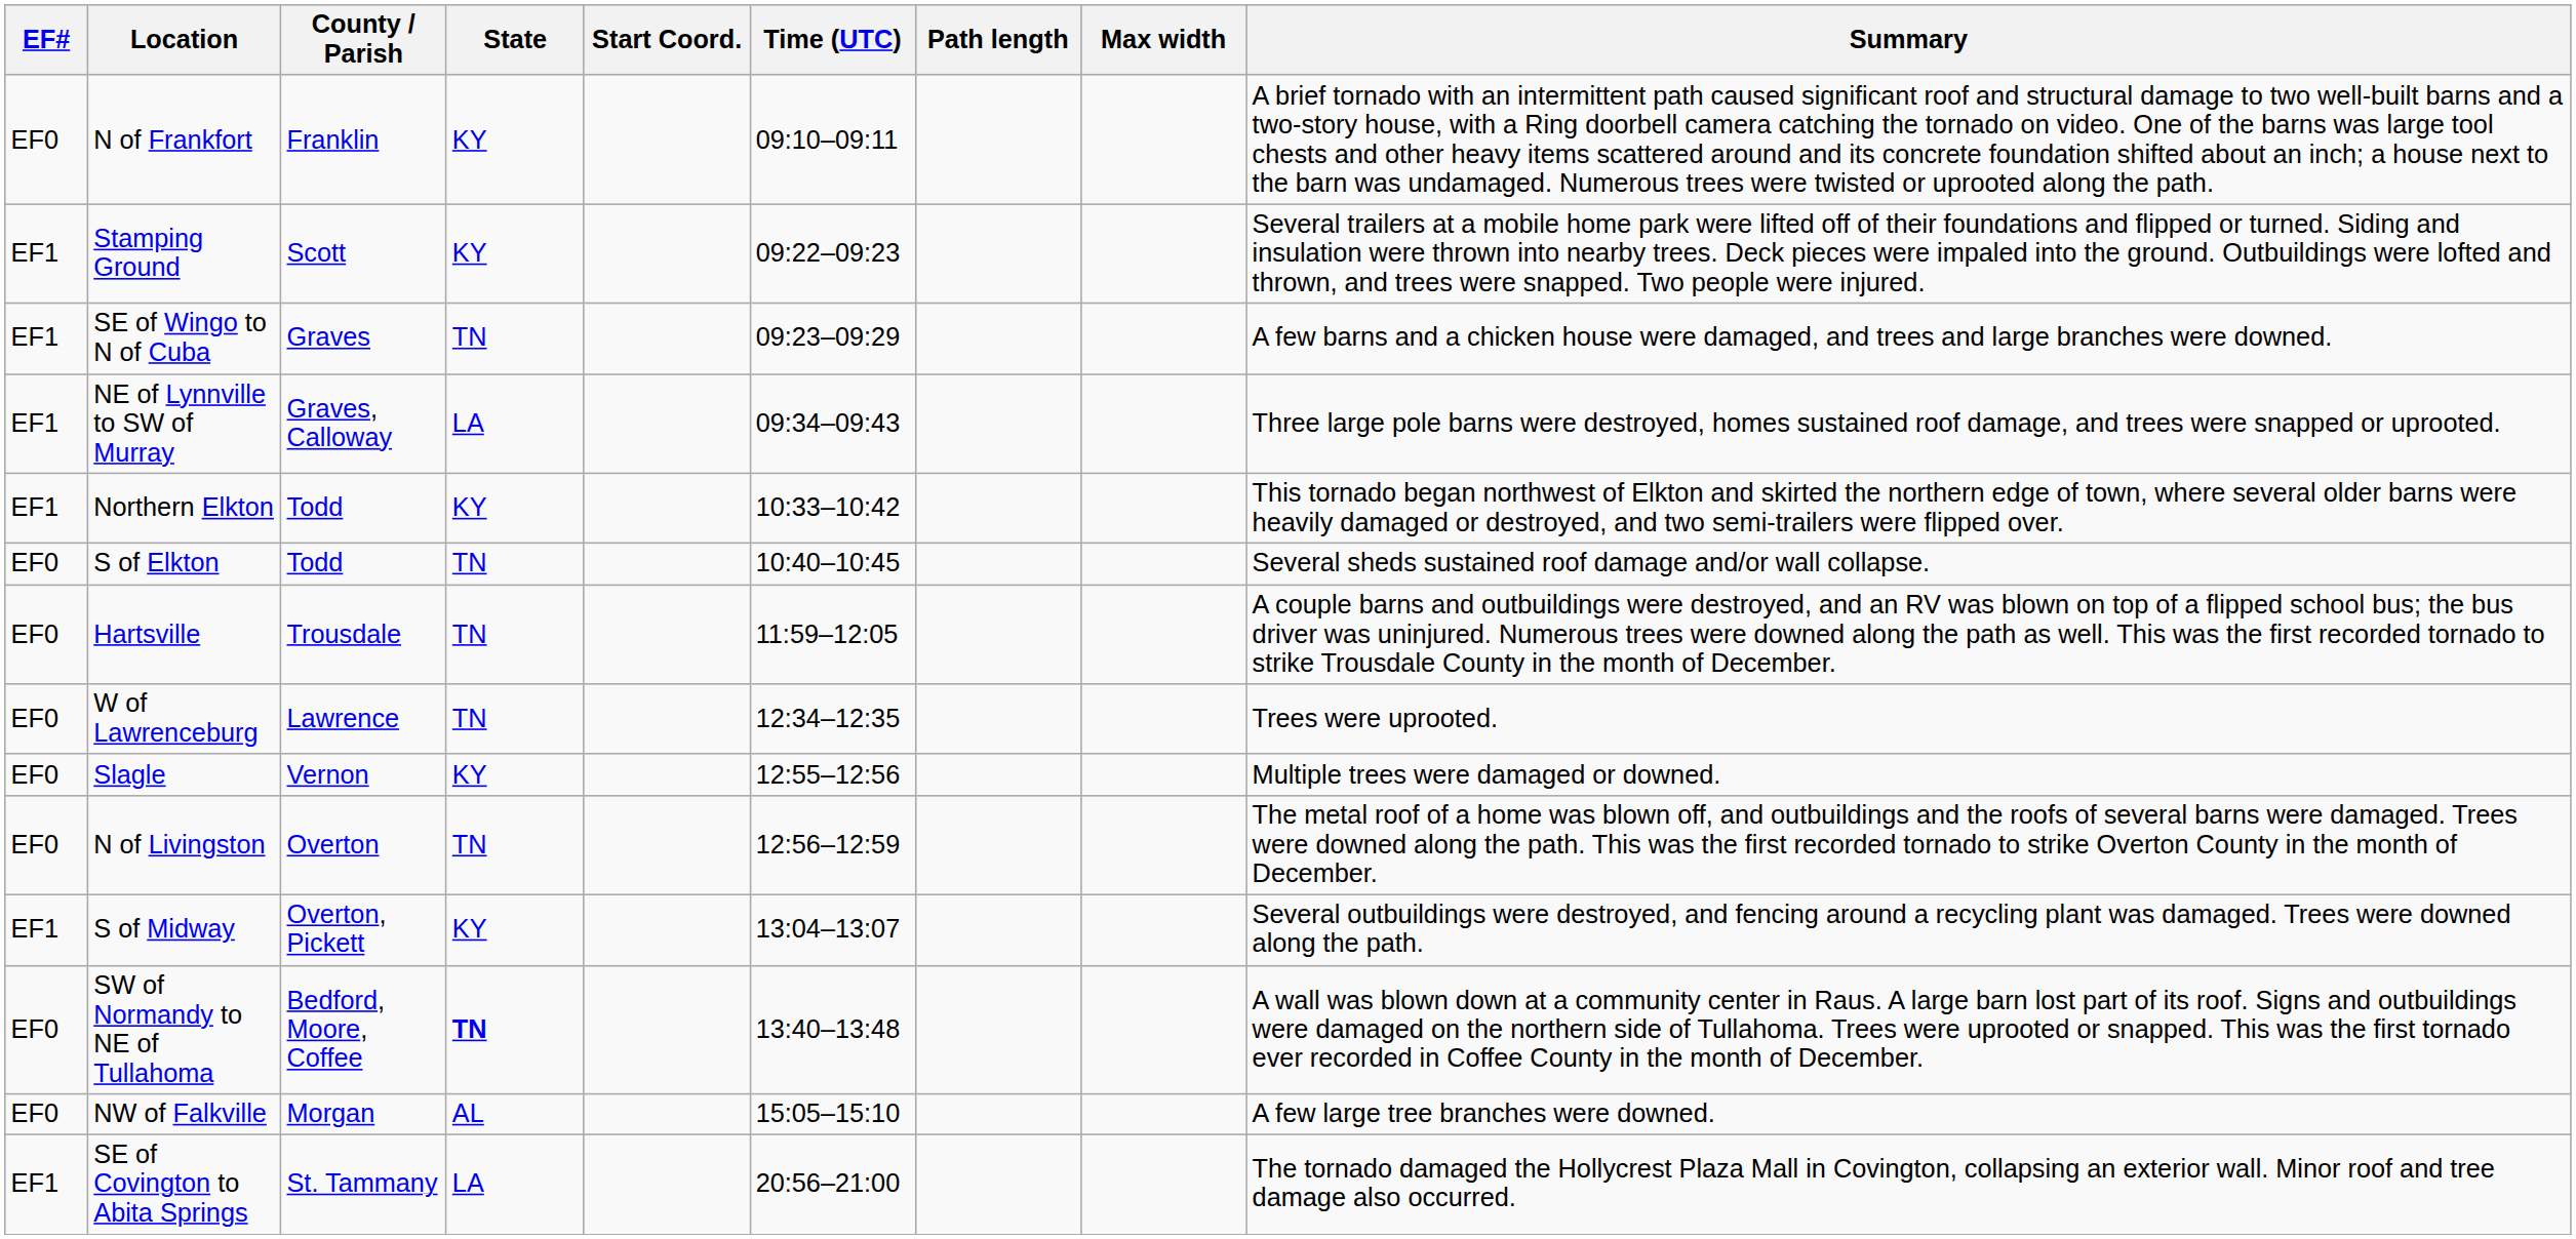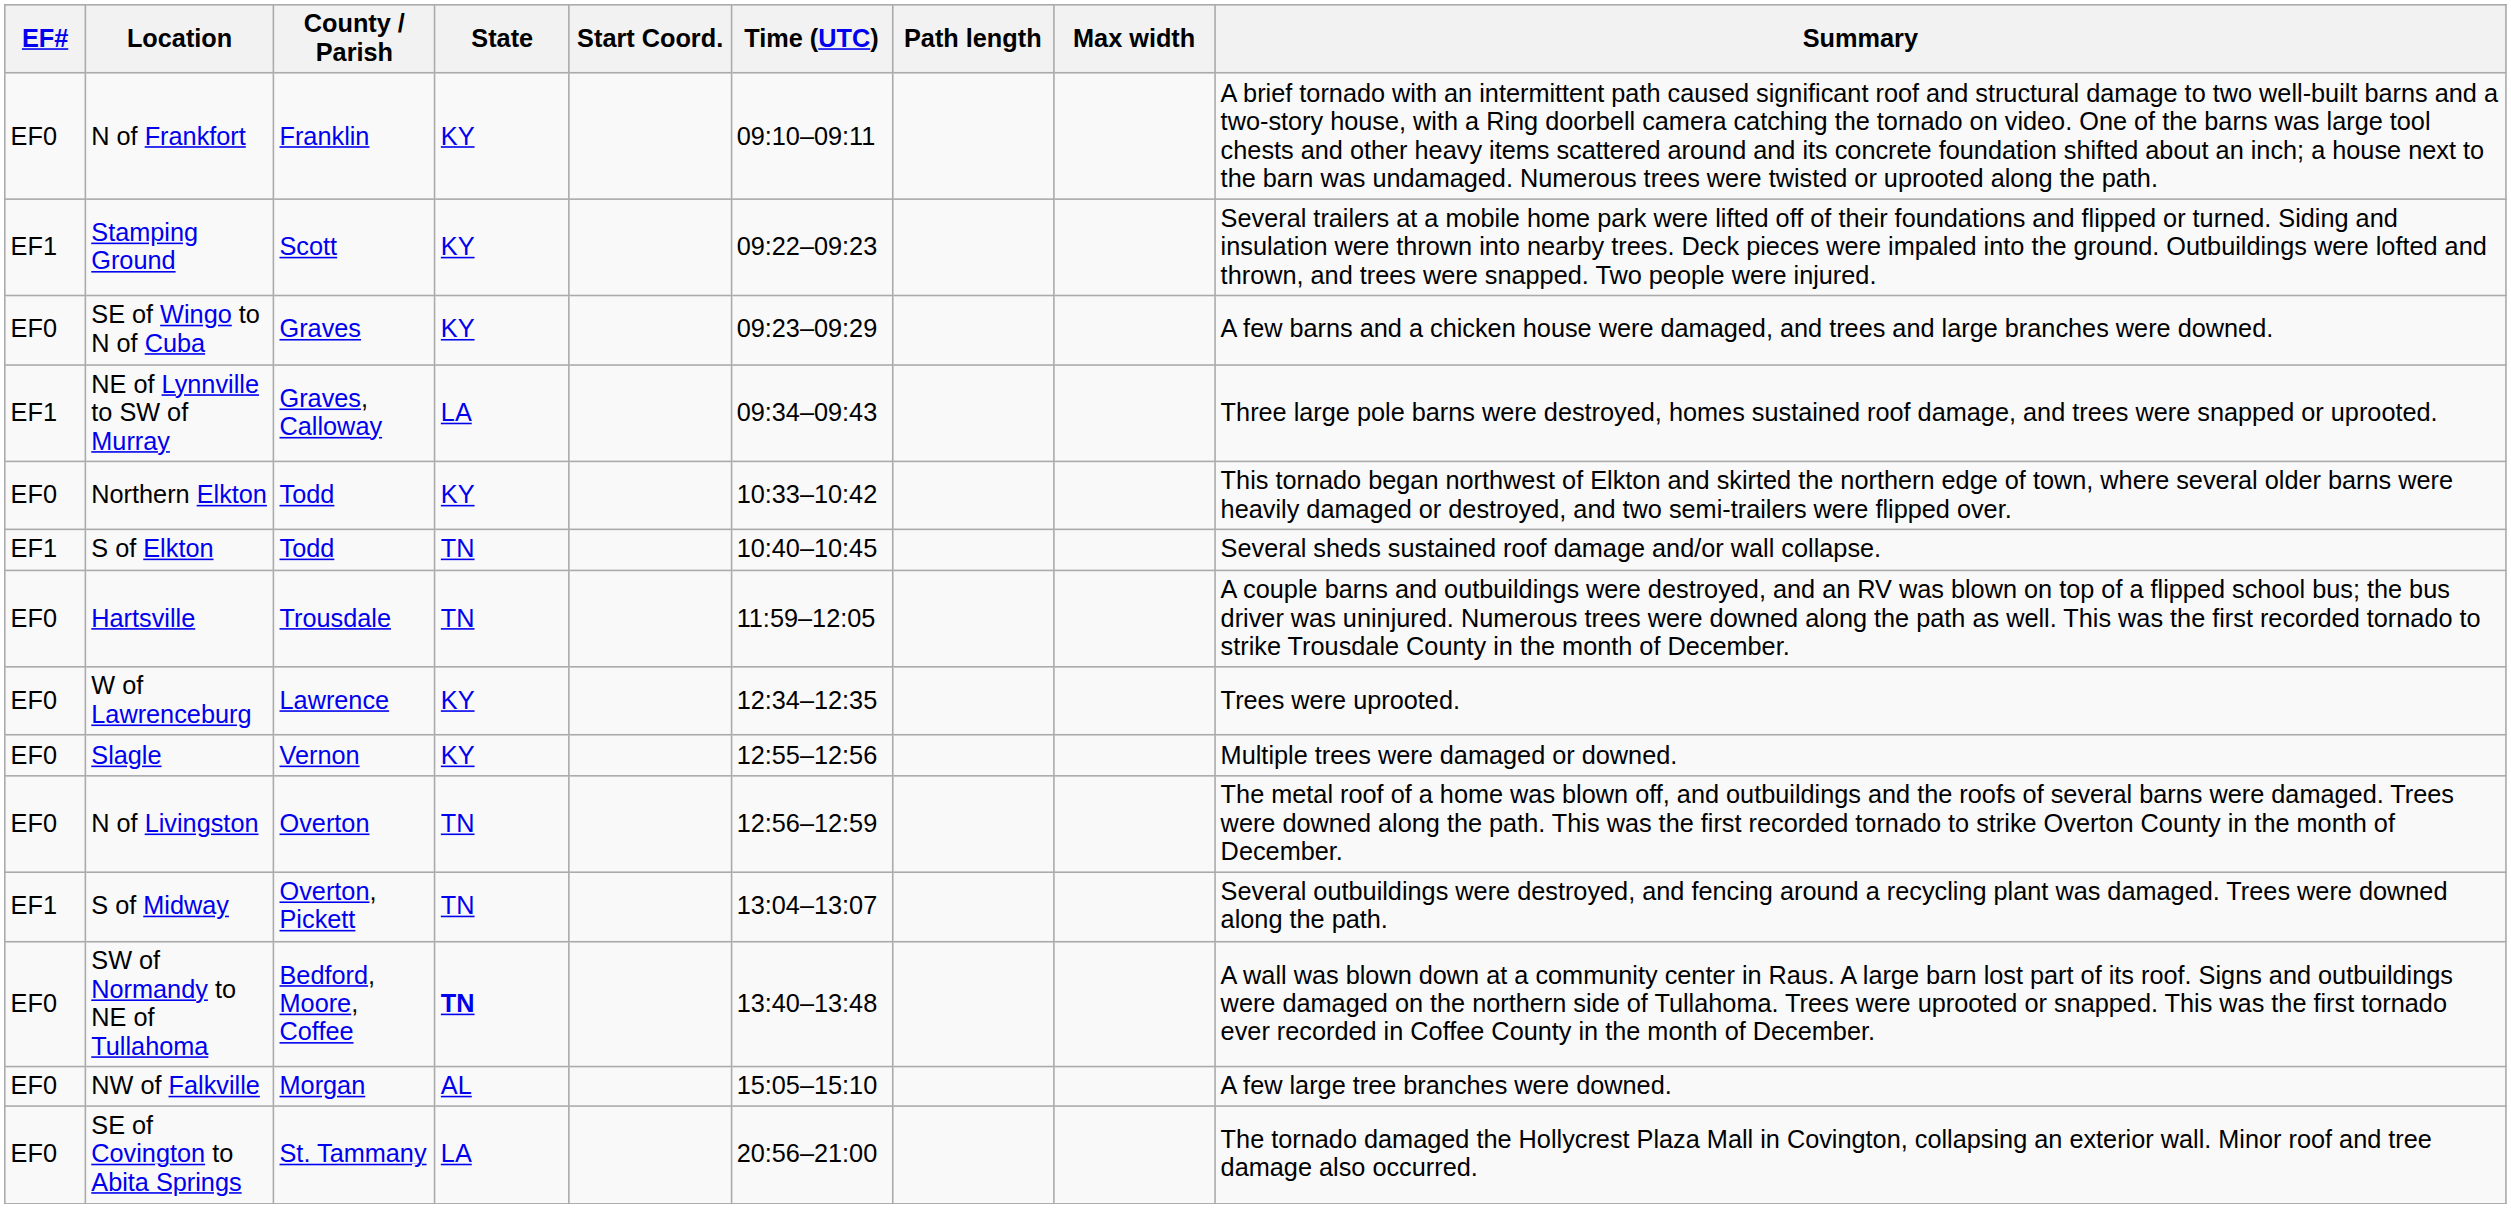 <table class="wikitable sortable" style="width:100%;">
 <tr>
 <th scope="col"  style="width:3%; text-align:center;"><a href='#'>EF#</a></th>
 <th scope="col"  style="width:7%; text-align:center;" class="unsortable">Location</th>
 <th scope="col"  style="width:6%; text-align:center;" class="unsortable">County / Parish</th>
 <th scope="col"  style="width:5%; text-align:center;">State</th>
 <th scope="col"  style="width:6%; text-align:center;">Start Coord.</th>
 <th scope="col"  style="width:6%; text-align:center;">Time (<a href='#'>UTC</a>)</th>
 <th scope="col"  style="width:6%; text-align:center;">Path length</th>
 <th scope="col"  style="width:6%; text-align:center;">Max width</th>
 <th scope="col" class="unsortable" style="width:48%; text-align:center;">Summary</th>
 </tr>
 <tr>
 <td>EF0</td>
 <td>N of <a href='#'>Frankfort</a></td>
 <td><a href='#'>Franklin</a></td>
 <td><a href='#'>KY</a></td>
 <td></td>
 <td>09:10–09:11</td>
 <td></td>
 <td></td>
 <td>A brief tornado with an intermittent path caused significant roof and structural damage to two well-built barns and a two-story house, with a Ring doorbell camera catching the tornado on video. One of the barns was large tool chests and other heavy items scattered around and its concrete foundation shifted about an inch; a house next to the barn was undamaged. Numerous trees were twisted or uprooted along the path.</td>
 </tr>
 <tr>
 <td>EF1</td>
 <td><a href='#'>Stamping Ground</a></td>
 <td><a href='#'>Scott</a></td>
 <td><a href='#'>KY</a></td>
 <td></td>
 <td>09:22–09:23</td>
 <td></td>
 <td></td>
 <td>Several trailers at a mobile home park were lifted off of their foundations and flipped or turned. Siding and insulation were thrown into nearby trees. Deck pieces were impaled into the ground. Outbuildings were lofted and thrown, and trees were snapped. Two people were injured.</td>
 </tr>
 <tr>
-<td>EF1</td>
+<td>EF0</td>
 <td>SE of <a href='#'>Wingo</a> to N of <a href='#'>Cuba</a></td>
 <td><a href='#'>Graves</a></td>
-<td><a href='#'>TN</a></td>
+<td><a href='#'>KY</a></td>
 <td></td>
 <td>09:23–09:29</td>
 <td></td>
 <td></td>
 <td>A few barns and a chicken house were damaged, and trees and large branches were downed.</td>
 </tr>
 <tr>
 <td>EF1</td>
 <td>NE of <a href='#'>Lynnville</a> to SW of <a href='#'>Murray</a></td>
 <td><a href='#'>Graves</a>, <a href='#'>Calloway</a></td>
 <td><a href='#'>LA</a></td>
 <td></td>
 <td>09:34–09:43</td>
 <td></td>
 <td></td>
 <td>Three large pole barns were destroyed, homes sustained roof damage, and trees were snapped or uprooted.</td>
 </tr>
 <tr>
-<td>EF1</td>
+<td>EF0</td>
 <td>Northern <a href='#'>Elkton</a></td>
 <td><a href='#'>Todd</a></td>
 <td><a href='#'>KY</a></td>
 <td></td>
 <td>10:33–10:42</td>
 <td></td>
 <td></td>
 <td>This tornado began northwest of Elkton and skirted the northern edge of town, where several older barns were heavily damaged or destroyed, and two semi-trailers were flipped over.</td>
 </tr>
 <tr>
-<td>EF0</td>
+<td>EF1</td>
 <td>S of <a href='#'>Elkton</a></td>
 <td><a href='#'>Todd</a></td>
 <td><a href='#'>TN</a></td>
 <td></td>
 <td>10:40–10:45</td>
 <td></td>
 <td></td>
 <td>Several sheds sustained roof damage and/or wall collapse.</td>
 </tr>
 <tr>
 <td>EF0</td>
 <td><a href='#'>Hartsville</a></td>
 <td><a href='#'>Trousdale</a></td>
 <td><a href='#'>TN</a></td>
 <td></td>
 <td>11:59–12:05</td>
 <td></td>
 <td></td>
 <td>A couple barns and outbuildings were destroyed, and an RV was blown on top of a flipped school bus; the bus driver was uninjured. Numerous trees were downed along the path as well. This was the first recorded tornado to strike Trousdale County in the month of December.</td>
 </tr>
 <tr>
 <td>EF0</td>
 <td>W of <a href='#'>Lawrenceburg</a></td>
 <td><a href='#'>Lawrence</a></td>
-<td><a href='#'>TN</a></td>
+<td><a href='#'>KY</a></td>
 <td></td>
 <td>12:34–12:35</td>
 <td></td>
 <td></td>
 <td>Trees were uprooted.</td>
 </tr>
 <tr>
 <td>EF0</td>
 <td><a href='#'>Slagle</a></td>
 <td><a href='#'>Vernon</a></td>
 <td><a href='#'>KY</a></td>
 <td></td>
 <td>12:55–12:56</td>
 <td></td>
 <td></td>
 <td>Multiple trees were damaged or downed.</td>
 </tr>
 <tr>
 <td>EF0</td>
 <td>N of <a href='#'>Livingston</a></td>
 <td><a href='#'>Overton</a></td>
 <td><a href='#'>TN</a></td>
 <td></td>
 <td>12:56–12:59</td>
 <td></td>
 <td></td>
 <td>The metal roof of a home was blown off, and outbuildings and the roofs of several barns were damaged. Trees were downed along the path. This was the first recorded tornado to strike Overton County in the month of December.</td>
 </tr>
 <tr>
 <td>EF1</td>
 <td>S of <a href='#'>Midway</a></td>
 <td><a href='#'>Overton</a>, <a href='#'>Pickett</a></td>
-<td><a href='#'>KY</a></td>
+<td><a href='#'>TN</a></td>
 <td></td>
 <td>13:04–13:07</td>
 <td></td>
 <td></td>
 <td>Several outbuildings were destroyed, and fencing around a recycling plant was damaged. Trees were downed along the path.</td>
 </tr>
 <tr>
 <td>EF0</td>
 <td>SW of <a href='#'>Normandy</a> to NE of <a href='#'>Tullahoma</a></td>
 <td><a href='#'>Bedford</a>, <a href='#'>Moore</a>, <a href='#'>Coffee</a></td>
 <td><strong><a href='#'>TN</a></strong></td>
 <td></td>
 <td>13:40–13:48</td>
 <td></td>
 <td></td>
 <td>A wall was blown down at a community center in Raus. A large barn lost part of its roof. Signs and outbuildings were damaged on the northern side of Tullahoma. Trees were uprooted or snapped. This was the first tornado ever recorded in Coffee County in the month of December.</td>
 </tr>
 <tr>
 <td>EF0</td>
 <td>NW of <a href='#'>Falkville</a></td>
 <td><a href='#'>Morgan</a></td>
 <td><a href='#'>AL</a></td>
 <td></td>
 <td>15:05–15:10</td>
 <td></td>
 <td></td>
 <td>A few large tree branches were downed.</td>
 </tr>
 <tr>
-<td>EF1</td>
+<td>EF0</td>
 <td>SE of <a href='#'>Covington</a> to <a href='#'>Abita Springs</a></td>
 <td><a href='#'>St. Tammany</a></td>
 <td><a href='#'>LA</a></td>
 <td></td>
 <td>20:56–21:00</td>
 <td></td>
 <td></td>
 <td>The tornado damaged the Hollycrest Plaza Mall in Covington, collapsing an exterior wall. Minor roof and tree damage also occurred.</td>
 </tr>
 <tr>
 </tr>
 </table>
